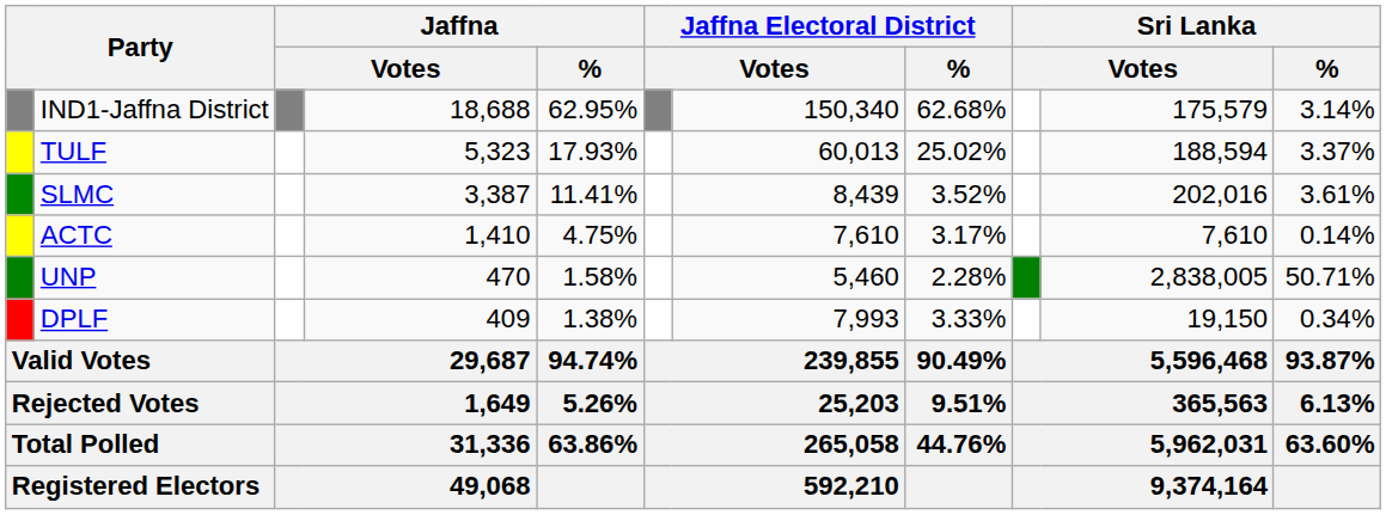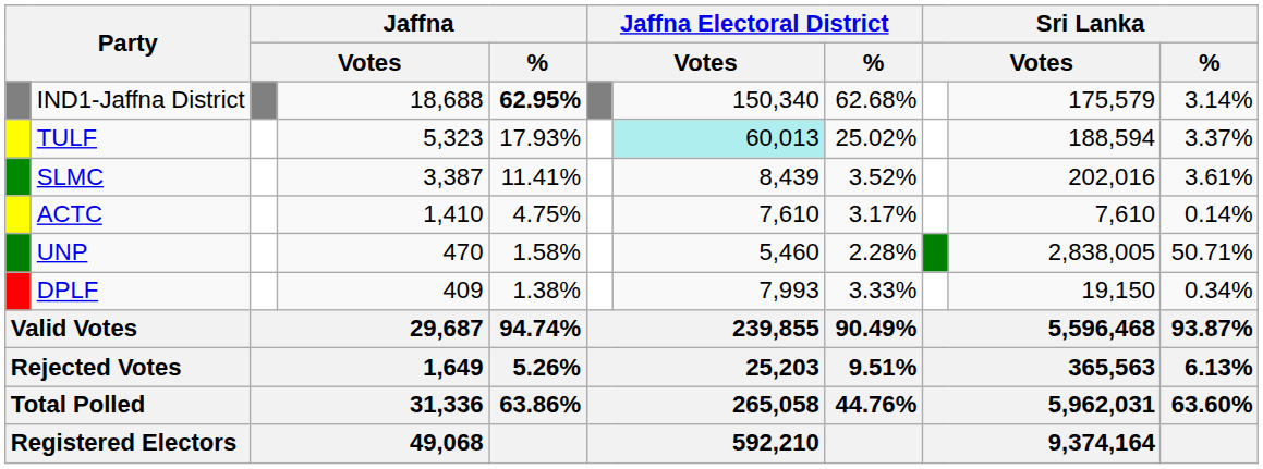 <table class="wikitable">
 <tr>
 <th colspan="2" width="144px"rowspan="2">Party</th>
 <th colspan="3" width="216px">Jaffna</th>
 <th colspan="3" width="216px"><a href='#'>Jaffna Electoral District</a></th>
 <th colspan="3" width="216px">Sri Lanka</th>
 </tr>
 <tr>
 <th colspan="2" width="144px">Votes</th>
 <th>%</th>
 <th colspan="2" width="144px">Votes</th>
 <th>%</th>
 <th colspan="2" width="144px">Votes</th>
 <th>%</th>
 </tr>
 <tr>
 <td style="background-color:grey;" width="10px"></td>
 <td style="text-align:left;">IND1-Jaffna District</td>
 <td style="background-color:grey;" width="10px"></td>
 <td style="text-align:right;">18,688</td>
-<td style="text-align:right;">62.95%</td>
+<td style="text-align:right;"><strong>62.95%</strong></td>
 <td style="background-color:grey;" width="10px"></td>
 <td style="text-align:right;">150,340</td>
 <td style="text-align:right;">62.68%</td>
 <td style="background-color:white;" width="10px"></td>
 <td style="text-align:right;">175,579</td>
 <td style="text-align:right;">3.14%</td>
 </tr>
 <tr>
 <td style="background-color:yellow;" width="10px"></td>
 <td style="text-align:left;"><a href='#'>TULF</a></td>
 <td style="background-color:white;" width="10px"></td>
 <td style="text-align:right;">5,323</td>
 <td style="text-align:right;">17.93%</td>
 <td style="background-color:white;" width="10px"></td>
-<td style="text-align:right;">60,013</td>
+<td style="background: paleturquoise; text-align:right;">60,013</td>
 <td style="text-align:right;">25.02%</td>
 <td style="background-color:white;" width="10px"></td>
 <td style="text-align:right;">188,594</td>
 <td style="text-align:right;">3.37%</td>
 </tr>
 <tr>
 <td style="background-color:#008800;" width="10px"></td>
 <td style="text-align:left;"><a href='#'>SLMC</a></td>
 <td style="background-color:white;" width="10px"></td>
 <td style="text-align:right;">3,387</td>
 <td style="text-align:right;">11.41%</td>
 <td style="background-color:white;" width="10px"></td>
 <td style="text-align:right;">8,439</td>
 <td style="text-align:right;">3.52%</td>
 <td style="background-color:white;" width="10px"></td>
 <td style="text-align:right;">202,016</td>
 <td style="text-align:right;">3.61%</td>
 </tr>
 <tr>
 <td style="background-color:yellow;" width="10px"></td>
 <td style="text-align:left;"><a href='#'>ACTC</a></td>
 <td style="background-color:white;" width="10px"></td>
 <td style="text-align:right;">1,410</td>
 <td style="text-align:right;">4.75%</td>
 <td style="background-color:white;" width="10px"></td>
 <td style="text-align:right;">7,610</td>
 <td style="text-align:right;">3.17%</td>
 <td style="background-color:white;" width="10px"></td>
 <td style="text-align:right;">7,610</td>
 <td style="text-align:right;">0.14%</td>
 </tr>
 <tr>
 <td style="background-color:green;" width="10px"></td>
 <td style="text-align:left;"><a href='#'>UNP</a></td>
 <td style="background-color:white;" width="10px"></td>
 <td style="text-align:right;">470</td>
 <td style="text-align:right;">1.58%</td>
 <td style="background-color:white;" width="10px"></td>
 <td style="text-align:right;">5,460</td>
 <td style="text-align:right;">2.28%</td>
 <td style="background-color:green;" width="10px"></td>
 <td style="text-align:right;">2,838,005</td>
 <td style="text-align:right;">50.71%</td>
 </tr>
 <tr>
 <td style="background-color:red;" width="10px"></td>
 <td style="text-align:left;"><a href='#'>DPLF</a></td>
 <td style="background-color:white;" width="10px"></td>
 <td style="text-align:right;">409</td>
 <td style="text-align:right;">1.38%</td>
 <td style="background-color:white;" width="10px"></td>
 <td style="text-align:right;">7,993</td>
 <td style="text-align:right;">3.33%</td>
 <td style="background-color:white;" width="10px"></td>
 <td style="text-align:right;">19,150</td>
 <td style="text-align:right;">0.34%</td>
 </tr>
 <tr>
 <th colspan="2" width="144px"style="text-align:left;">Valid Votes</th>
 <th style="text-align:right;"colspan="2" width="144px">29,687</th>
 <th style="text-align:right;">94.74%</th>
 <th style="text-align:right;"colspan="2" width="144px">239,855</th>
 <th style="text-align:right;">90.49%</th>
 <th style="text-align:right;"colspan="2" width="144px">5,596,468</th>
 <th style="text-align:right;">93.87%</th>
 </tr>
 <tr>
 <th colspan="2" width="144px"style="text-align:left;">Rejected Votes</th>
 <th style="text-align:right;"colspan="2" width="144px">1,649</th>
 <th style="text-align:right;">5.26%</th>
 <th style="text-align:right;"colspan="2" width="144px">25,203</th>
 <th style="text-align:right;">9.51%</th>
 <th style="text-align:right;"colspan="2" width="144px">365,563</th>
 <th style="text-align:right;">6.13%</th>
 </tr>
 <tr>
 <th colspan="2" width="144px"style="text-align:left;">Total Polled</th>
 <th style="text-align:right;"colspan="2" width="144px">31,336</th>
 <th style="text-align:right;">63.86%</th>
 <th style="text-align:right;"colspan="2" width="144px">265,058</th>
 <th style="text-align:right;">44.76%</th>
 <th style="text-align:right;"colspan="2" width="144px">5,962,031</th>
 <th style="text-align:right;">63.60%</th>
 </tr>
 <tr>
 <th colspan="2" width="144px"style="text-align:left;">Registered Electors</th>
 <th style="text-align:right;"colspan="2" width="144px">49,068</th>
 <th></th>
 <th style="text-align:right;"colspan="2" width="144px">592,210</th>
 <th></th>
 <th style="text-align:right;"colspan="2" width="144px">9,374,164</th>
 <th></th>
 </tr>
 </table>
